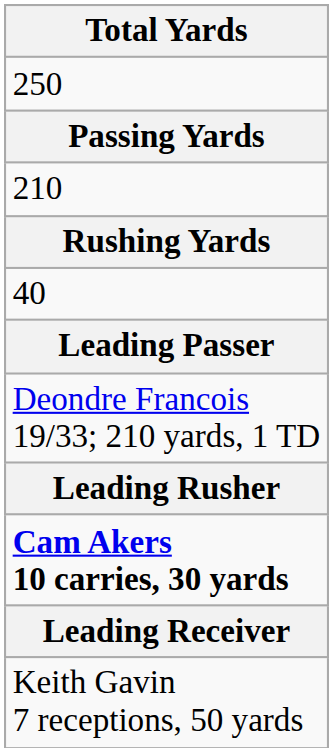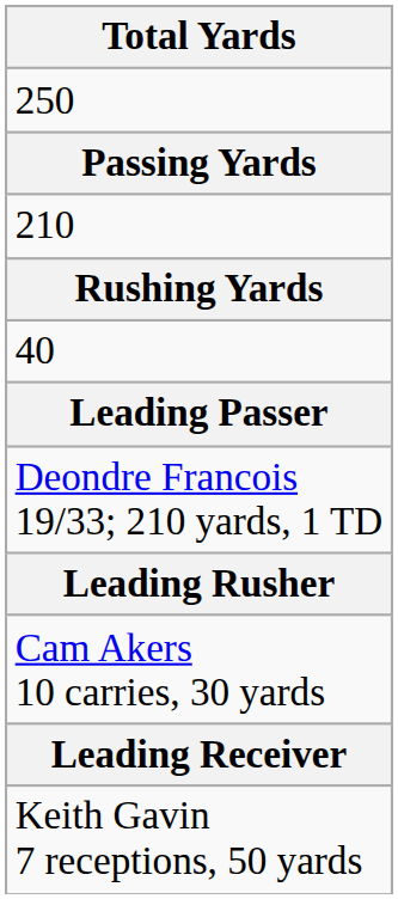 <table class="wikitable">
 <tr>
 <th>Total Yards</th>
 </tr>
 <tr>
 <td>250</td>
 </tr>
 <tr>
 <th>Passing Yards</th>
 </tr>
 <tr>
 <td>210</td>
 </tr>
 <tr>
 <th>Rushing Yards</th>
 </tr>
 <tr>
 <td>40</td>
 </tr>
 <tr>
 <th>Leading Passer</th>
 </tr>
 <tr>
 <td><a href='#'>Deondre Francois</a><br>19/33; 210 yards, 1 TD</td>
 </tr>
 <tr>
 <th>Leading Rusher</th>
 </tr>
 <tr>
-<td><strong><a href='#'>Cam Akers</a><br>10 carries, 30 yards</strong></td>
+<td><a href='#'>Cam Akers</a><br>10 carries, 30 yards</td>
 </tr>
 <tr>
 <th>Leading Receiver</th>
 </tr>
 <tr>
 <td>Keith Gavin<br>7 receptions, 50 yards</td>
 </tr>
 </table>
